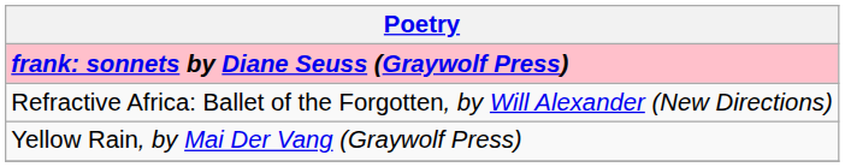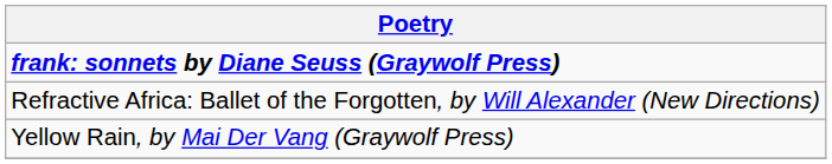 <table class="wikitable" style="float:left; float:none;">
 <tr>
 <th><a href='#'>Poetry</a></th>
 </tr>
 <tr>
-<td style="background: pink;"><strong><em><a href='#'>frank: sonnets</a><em> by <a href='#'>Diane Seuss</a> (<a href='#'>Graywolf Press</a>)<strong></td>
+<td><strong><em><a href='#'>frank: sonnets</a><em> by <a href='#'>Diane Seuss</a> (<a href='#'>Graywolf Press</a>)<strong></td>
 </tr>
 <tr>
 <td></em>Refractive Africa: Ballet of the Forgotten<em>, by <a href='#'>Will Alexander</a> (New Directions)</td>
 </tr>
 <tr>
 <td></em>Yellow Rain<em>, by <a href='#'>Mai Der Vang</a> (Graywolf Press)</td>
 </tr>
 <tr>
 </tr>
 </table>
